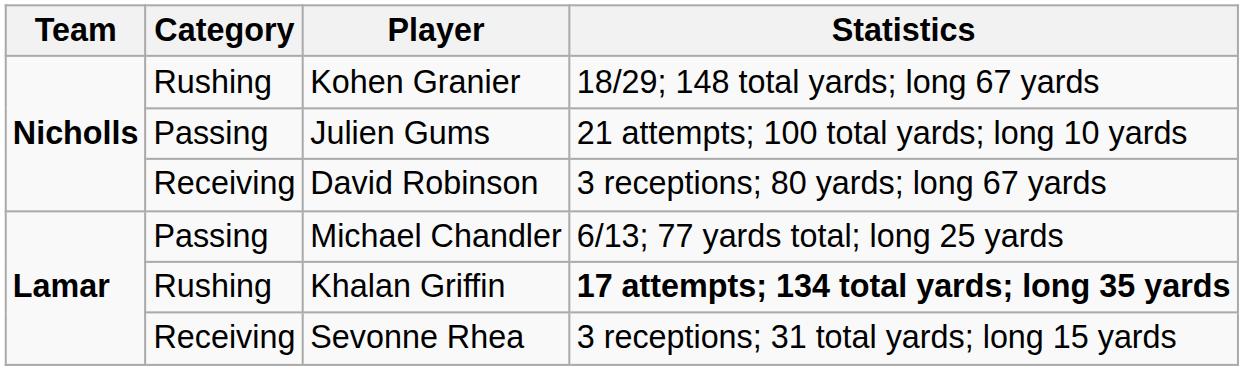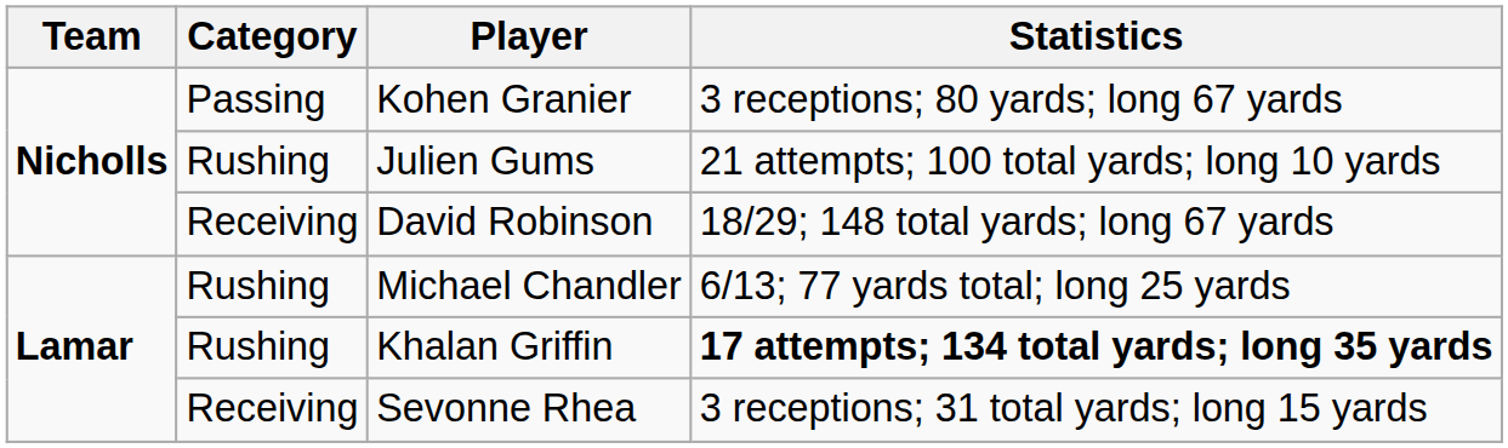 <table class="wikitable" style="float: right;">
 <tr>
 <th>Team</th>
 <th>Category</th>
 <th>Player</th>
 <th>Statistics</th>
 </tr>
 <tr>
 <td rowspan=3><strong>Nicholls</strong></td>
-<td>Rushing</td>
+<td>Passing</td>
 <td>Kohen Granier</td>
-<td>18/29; 148 total yards; long 67 yards</td>
+<td>3 receptions; 80 yards; long 67 yards</td>
 </tr>
 <tr>
-<td>Passing</td>
+<td>Rushing</td>
 <td>Julien Gums</td>
 <td>21 attempts; 100 total yards; long 10 yards</td>
 </tr>
 <tr>
 <td>Receiving</td>
 <td>David Robinson</td>
-<td>3 receptions; 80 yards; long 67 yards</td>
+<td>18/29; 148 total yards; long 67 yards</td>
 </tr>
 <tr>
 <td rowspan=3><strong>Lamar</strong></td>
-<td>Passing</td>
+<td>Rushing</td>
 <td>Michael Chandler</td>
 <td>6/13; 77 yards total; long 25 yards</td>
 </tr>
 <tr>
 <td>Rushing</td>
 <td>Khalan Griffin</td>
 <td><strong>17 attempts; 134 total yards; long 35 yards</strong></td>
 </tr>
 <tr>
 <td>Receiving</td>
 <td>Sevonne Rhea</td>
 <td>3 receptions; 31 total yards; long 15 yards</td>
 </tr>
 </table>
